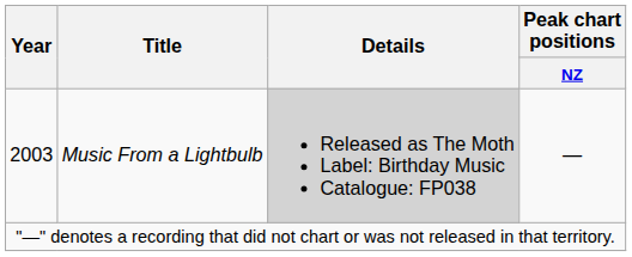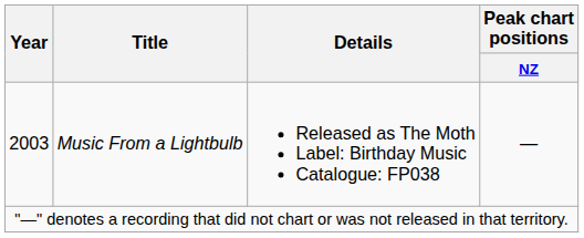 <table class="wikitable plainrowheaders">
 <tr>
 <th rowspan="2">Year</th>
 <th rowspan="2">Title</th>
 <th rowspan="2">Details</th>
 <th>Peak chart<br>positions</th>
 </tr>
 <tr>
 <th><small><a href='#'>NZ</a></small></th>
 </tr>
 <tr>
 <td>2003</td>
 <td><em>Music From a Lightbulb </em></td>
-<td style="background: lightgrey;"><br><ul><li>Released as The Moth</li><li>Label: Birthday Music</li><li>Catalogue: FP038</li></ul></td>
+<td><br><ul><li>Released as The Moth</li><li>Label: Birthday Music</li><li>Catalogue: FP038</li></ul></td>
 <td align="center">—</td>
 </tr>
 <tr>
 <td colspan="4" style="font-size:90%" align="center">"—" denotes a recording that did not chart or was not released in that territory.</td>
 </tr>
 <tr>
 </tr>
 </table>
